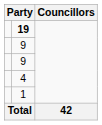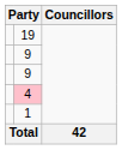 <table class="wikitable">
 <tr>
 <th colspan=2>Party</th>
 <th>Councillors</th>
 </tr>
 <tr>
 <td></td>
-<td align=center><strong>19</strong></td>
+<td align=center>19</td>
 </tr>
 <tr>
 <td></td>
 <td align=center>9</td>
 </tr>
 <tr>
 <td></td>
 <td align=center>9</td>
 </tr>
 <tr>
 <td></td>
-<td align=center>4</td>
+<td align=center style="background: pink;">4</td>
 </tr>
 <tr>
 <td></td>
 <td align=center>1</td>
 </tr>
 <tr>
 <th colspan=2>Total</th>
 <th align=center>42</th>
 </tr>
 </table>
